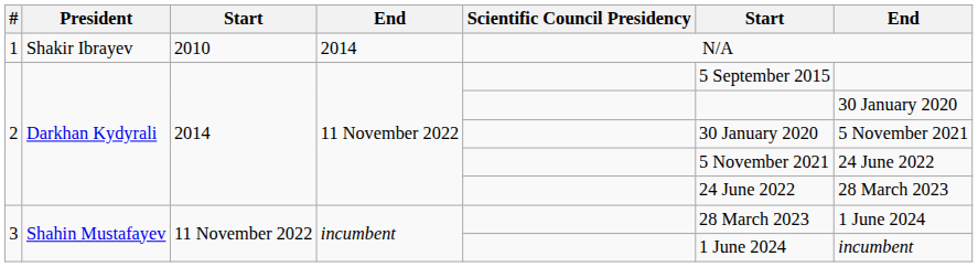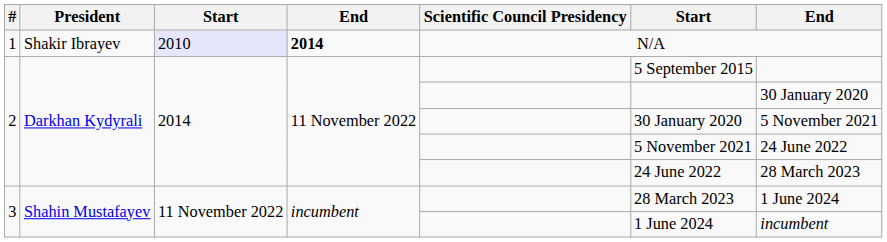 <table class="wikitable">
 <tr>
 <th>#</th>
 <th>President</th>
 <th>Start</th>
 <th>End</th>
 <th>Scientific Council Presidency</th>
 <th>Start</th>
 <th>End</th>
 </tr>
 <tr>
 <td>1</td>
 <td>Shakir Ibrayev</td>
-<td>2010</td>
-<td>2014</td>
+<td style="background: lavender;">2010</td>
+<td><strong>2014</strong></td>
 <td colspan="3" style="text-align:center;">N/A</td>
 </tr>
 <tr>
 <td rowspan="5">2</td>
 <td rowspan="5"><a href='#'>Darkhan Kydyrali</a></td>
 <td rowspan="5">2014</td>
 <td rowspan="5">11 November 2022</td>
 <td></td>
 <td>5 September 2015</td>
 <td></td>
 </tr>
 <tr>
 <td></td>
 <td></td>
 <td>30 January 2020</td>
 </tr>
 <tr>
 <td></td>
 <td>30 January 2020</td>
 <td>5 November 2021</td>
 </tr>
 <tr>
 <td></td>
 <td>5 November 2021</td>
 <td>24 June 2022</td>
 </tr>
 <tr>
 <td></td>
 <td>24 June 2022</td>
 <td>28 March 2023</td>
 </tr>
 <tr>
 <td rowspan="2">3</td>
 <td rowspan="2"><a href='#'>Shahin Mustafayev</a></td>
 <td rowspan="2">11 November 2022</td>
 <td rowspan="2"><em>incumbent</em></td>
 <td></td>
 <td>28 March 2023</td>
 <td>1 June 2024</td>
 </tr>
 <tr>
 <td></td>
 <td>1 June 2024</td>
 <td><em>incumbent</em></td>
 </tr>
 </table>
